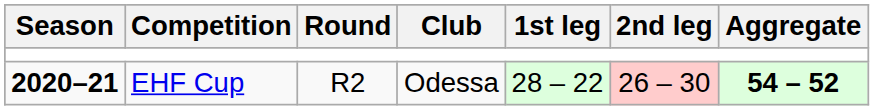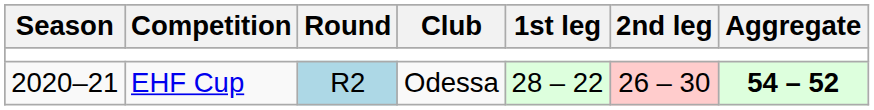 <table class="wikitable">
 <tr>
 <th>Season</th>
 <th>Competition</th>
 <th>Round</th>
 <th>Club</th>
 <th>1st leg</th>
 <th>2nd leg</th>
 <th>Aggregate</th>
 </tr>
 <tr>
 <td colspan="7" bgcolor=white></td>
 </tr>
 <tr>
-<td><strong>2020–21</strong></td>
+<td>2020–21</td>
 <td><a href='#'>EHF Cup</a></td>
-<td style="text-align:center;">R2</td>
+<td style="background: lightblue; text-align:center;">R2</td>
 <td> Odessa</td>
 <td bgcolor="#ddffdd" style="text-align:center;">28 – 22</td>
 <td bgcolor="#ffcccc" style="text-align:center;">26 – 30</td>
 <td bgcolor="#ddffdd" style="text-align:center;"><strong>54 – 52</strong></td>
 </tr>
 </table>
